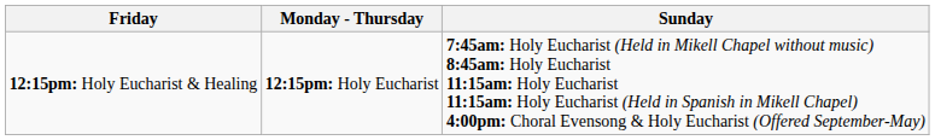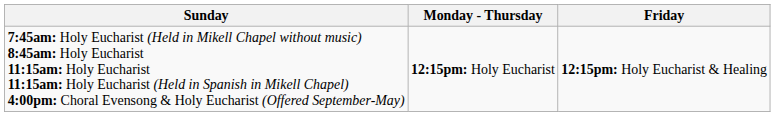 <table class="wikitable">
 <tr>
+<th>Sunday</th>
+<th>Monday - Thursday</th>
 <th>Friday</th>
-<th>Monday - Thursday</th>
-<th>Sunday</th>
 </tr>
 <tr>
+<td><strong>7:45am:</strong> Holy Eucharist <em>(Held in Mikell Chapel without music)</em><br><strong>8:45am:</strong> Holy Eucharist<br><strong>11:15am:</strong> Holy Eucharist<br><strong>11:15am:</strong> Holy Eucharist <em>(Held in Spanish in Mikell Chapel)</em><br><strong>4:00pm:</strong> Choral Evensong & Holy Eucharist <em>(Offered September-May)</em></td>
+<td><strong>12:15pm:</strong> Holy Eucharist</td>
 <td><strong>12:15pm:</strong> Holy Eucharist & Healing</td>
-<td><strong>12:15pm:</strong> Holy Eucharist</td>
-<td><strong>7:45am:</strong> Holy Eucharist <em>(Held in Mikell Chapel without music)</em><br><strong>8:45am:</strong> Holy Eucharist<br><strong>11:15am:</strong> Holy Eucharist<br><strong>11:15am:</strong> Holy Eucharist <em>(Held in Spanish in Mikell Chapel)</em><br><strong>4:00pm:</strong> Choral Evensong & Holy Eucharist <em>(Offered September-May)</em></td>
 </tr>
 </table>
